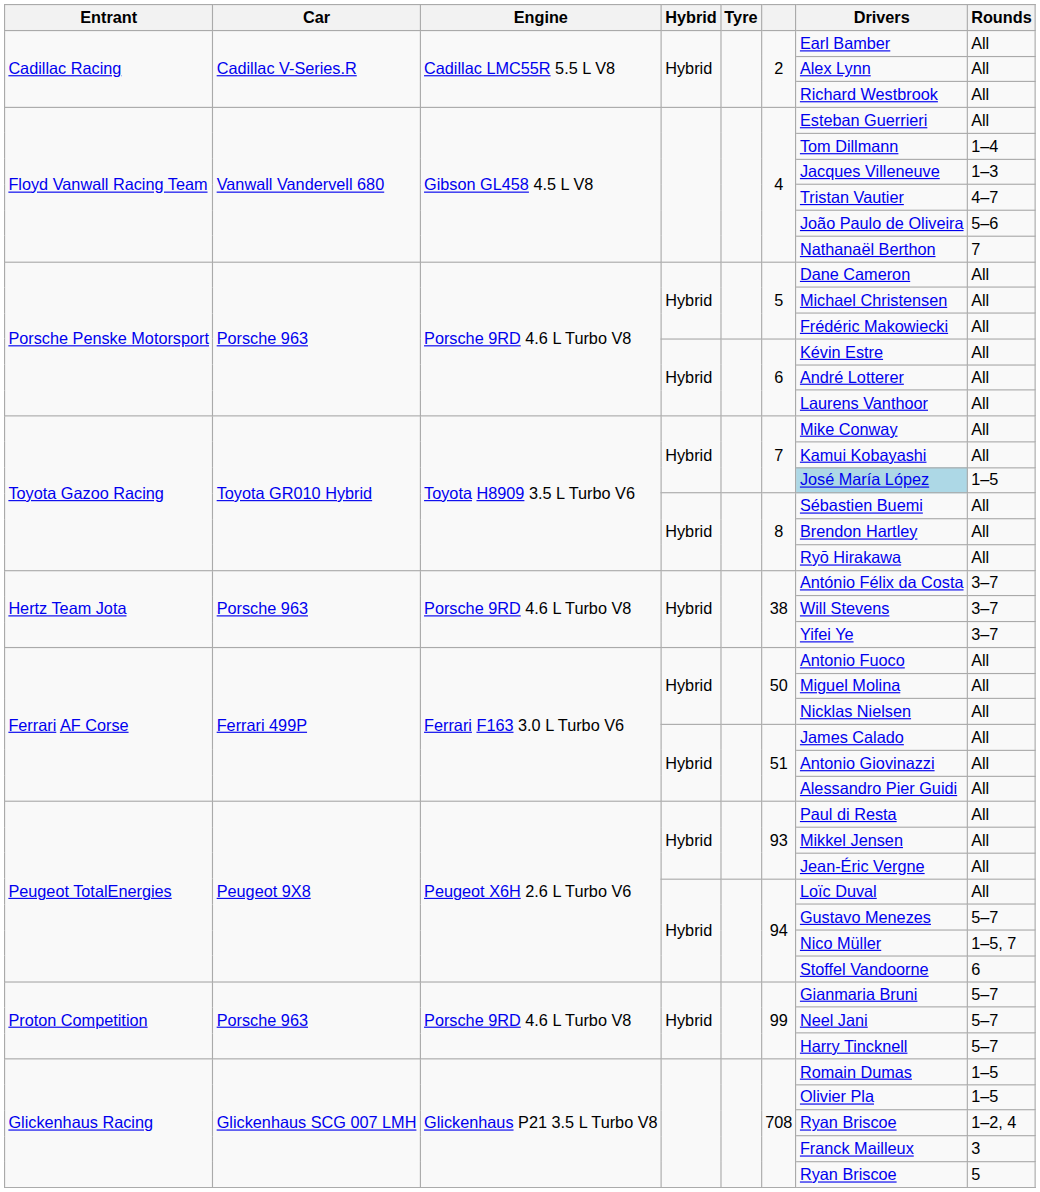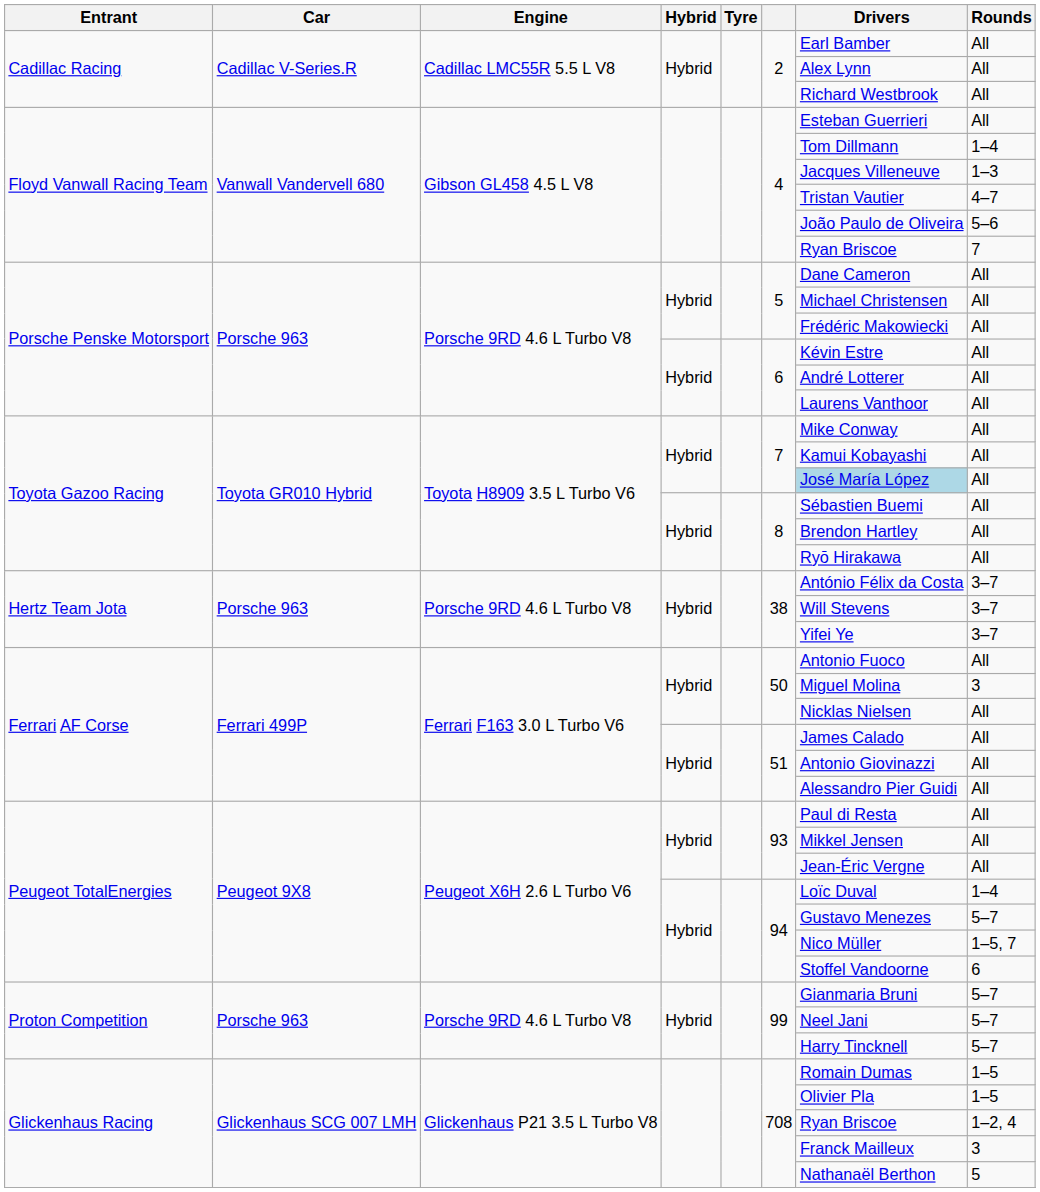 <table class="wikitable" style="font-size: 90%">
 <tr>
 <th>Entrant</th>
 <th>Car</th>
 <th>Engine</th>
 <th>Hybrid</th>
 <th>Tyre</th>
 <th></th>
 <th>Drivers</th>
 <th>Rounds</th>
 </tr>
 <tr>
 <td rowspan="3"> <a href='#'>Cadillac Racing</a></td>
 <td rowspan="3"><a href='#'>Cadillac V-Series.R</a></td>
 <td rowspan="3"><a href='#'>Cadillac LMC55R</a> 5.5 L V8</td>
 <td rowspan="3">Hybrid</td>
 <td rowspan="3" align="center"></td>
 <td rowspan="3" align="center">2</td>
 <td> <a href='#'>Earl Bamber</a></td>
 <td>All</td>
 </tr>
 <tr>
 <td> <a href='#'>Alex Lynn</a></td>
 <td>All</td>
 </tr>
 <tr>
 <td> <a href='#'>Richard Westbrook</a></td>
 <td>All</td>
 </tr>
 <tr>
 <td rowspan="6"> <a href='#'>Floyd Vanwall Racing Team</a></td>
 <td rowspan="6"><a href='#'>Vanwall Vandervell 680</a></td>
 <td rowspan="6"><a href='#'>Gibson GL458</a> 4.5 L V8</td>
 <td rowspan="6"></td>
 <td rowspan="6" align="center"></td>
 <td rowspan="6" align="center">4</td>
 <td> <a href='#'>Esteban Guerrieri</a></td>
 <td>All</td>
 </tr>
 <tr>
 <td> <a href='#'>Tom Dillmann</a></td>
 <td>1–4</td>
 </tr>
 <tr>
 <td> <a href='#'>Jacques Villeneuve</a></td>
 <td>1–3</td>
 </tr>
 <tr>
 <td> <a href='#'>Tristan Vautier</a></td>
 <td>4–7</td>
 </tr>
 <tr>
 <td> <a href='#'>João Paulo de Oliveira</a></td>
 <td>5–6</td>
 </tr>
 <tr>
-<td> <a href='#'>Nathanaël Berthon</a></td>
+<td> <a href='#'>Ryan Briscoe</a></td>
 <td>7</td>
 </tr>
 <tr>
 <td rowspan="6"> <a href='#'>Porsche Penske Motorsport</a></td>
 <td rowspan="6"><a href='#'>Porsche 963</a></td>
 <td rowspan="6"><a href='#'>Porsche 9RD</a> 4.6 L Turbo V8</td>
 <td rowspan="3">Hybrid</td>
 <td rowspan="3" align="center"></td>
 <td rowspan="3" align="center">5</td>
 <td> <a href='#'>Dane Cameron</a></td>
 <td>All</td>
 </tr>
 <tr>
 <td> <a href='#'>Michael Christensen</a></td>
 <td>All</td>
 </tr>
 <tr>
 <td> <a href='#'>Frédéric Makowiecki</a></td>
 <td>All</td>
 </tr>
 <tr>
 <td rowspan="3">Hybrid</td>
 <td rowspan="3" align="center"></td>
 <td rowspan="3" align="center">6</td>
 <td> <a href='#'>Kévin Estre</a></td>
 <td>All</td>
 </tr>
 <tr>
 <td> <a href='#'>André Lotterer</a></td>
 <td>All</td>
 </tr>
 <tr>
 <td> <a href='#'>Laurens Vanthoor</a></td>
 <td>All</td>
 </tr>
 <tr>
 <td rowspan="6"> <a href='#'>Toyota Gazoo Racing</a></td>
 <td rowspan="6"><a href='#'>Toyota GR010 Hybrid</a></td>
 <td rowspan="6"><a href='#'>Toyota</a> <a href='#'>H8909</a> 3.5 L Turbo V6</td>
 <td rowspan="3">Hybrid</td>
 <td rowspan="3" align="center"></td>
 <td rowspan="3" align="center">7</td>
 <td> <a href='#'>Mike Conway</a></td>
 <td>All</td>
 </tr>
 <tr>
 <td> <a href='#'>Kamui Kobayashi</a></td>
 <td>All</td>
 </tr>
 <tr>
 <td style="background: lightblue;"> <a href='#'>José María López</a></td>
-<td>1–5</td>
+<td>All</td>
 </tr>
 <tr>
 <td rowspan="3">Hybrid</td>
 <td rowspan="3" align="center"></td>
 <td rowspan="3" align="center">8</td>
 <td> <a href='#'>Sébastien Buemi</a></td>
 <td>All</td>
 </tr>
 <tr>
 <td> <a href='#'>Brendon Hartley</a></td>
 <td>All</td>
 </tr>
 <tr>
 <td> <a href='#'>Ryō Hirakawa</a></td>
 <td>All</td>
 </tr>
 <tr>
 <td rowspan="3"> <a href='#'>Hertz Team Jota</a></td>
 <td rowspan="3"><a href='#'>Porsche 963</a></td>
 <td rowspan="3"><a href='#'>Porsche 9RD</a> 4.6 L Turbo V8</td>
 <td rowspan="3">Hybrid</td>
 <td rowspan="3" align="center"></td>
 <td rowspan="3" align="center">38</td>
 <td> <a href='#'>António Félix da Costa</a></td>
 <td>3–7</td>
 </tr>
 <tr>
 <td> <a href='#'>Will Stevens</a></td>
 <td>3–7</td>
 </tr>
 <tr>
 <td> <a href='#'>Yifei Ye</a></td>
 <td>3–7</td>
 </tr>
 <tr>
 <td rowspan="6"> <a href='#'>Ferrari</a> <a href='#'>AF Corse</a></td>
 <td rowspan="6"><a href='#'>Ferrari 499P</a></td>
 <td rowspan="6"><a href='#'>Ferrari</a> <a href='#'>F163</a> 3.0 L Turbo V6</td>
 <td rowspan="3">Hybrid</td>
 <td rowspan="3" align="center"></td>
 <td rowspan="3" align="center">50</td>
 <td> <a href='#'>Antonio Fuoco</a></td>
 <td>All</td>
 </tr>
 <tr>
 <td> <a href='#'>Miguel Molina</a></td>
-<td>All</td>
+<td>3</td>
 </tr>
 <tr>
 <td> <a href='#'>Nicklas Nielsen</a></td>
 <td>All</td>
 </tr>
 <tr>
 <td rowspan="3">Hybrid</td>
 <td rowspan="3" align="center"></td>
 <td rowspan="3" align="center">51</td>
 <td> <a href='#'>James Calado</a></td>
 <td>All</td>
 </tr>
 <tr>
 <td> <a href='#'>Antonio Giovinazzi</a></td>
 <td>All</td>
 </tr>
 <tr>
 <td> <a href='#'>Alessandro Pier Guidi</a></td>
 <td>All</td>
 </tr>
 <tr>
 <td rowspan="7"> <a href='#'>Peugeot TotalEnergies</a></td>
 <td rowspan="7"><a href='#'>Peugeot 9X8</a></td>
 <td rowspan="7"><a href='#'>Peugeot X6H</a> 2.6 L Turbo V6</td>
 <td rowspan="3">Hybrid</td>
 <td rowspan="3" align="center"></td>
 <td rowspan="3" align="center">93</td>
 <td> <a href='#'>Paul di Resta</a></td>
 <td>All</td>
 </tr>
 <tr>
 <td> <a href='#'>Mikkel Jensen</a></td>
 <td>All</td>
 </tr>
 <tr>
 <td> <a href='#'>Jean-Éric Vergne</a></td>
 <td>All</td>
 </tr>
 <tr>
 <td rowspan="4">Hybrid</td>
 <td rowspan="4" align="center"></td>
 <td rowspan="4" align="center">94</td>
 <td> <a href='#'>Loïc Duval</a></td>
-<td>All</td>
+<td>1–4</td>
 </tr>
 <tr>
 <td> <a href='#'>Gustavo Menezes</a></td>
 <td>5–7</td>
 </tr>
 <tr>
 <td> <a href='#'>Nico Müller</a></td>
 <td>1–5, 7</td>
 </tr>
 <tr>
 <td> <a href='#'>Stoffel Vandoorne</a></td>
 <td>6</td>
 </tr>
 <tr>
 <td rowspan="3"> <a href='#'>Proton Competition</a></td>
 <td rowspan="3"><a href='#'>Porsche 963</a></td>
 <td rowspan="3"><a href='#'>Porsche 9RD</a> 4.6 L Turbo V8</td>
 <td rowspan="3">Hybrid</td>
 <td rowspan="3" align="center"></td>
 <td rowspan="3" align="center">99</td>
 <td> <a href='#'>Gianmaria Bruni</a></td>
 <td>5–7</td>
 </tr>
 <tr>
 <td> <a href='#'>Neel Jani</a></td>
 <td>5–7</td>
 </tr>
 <tr>
 <td> <a href='#'>Harry Tincknell</a></td>
 <td>5–7</td>
 </tr>
 <tr>
 <td rowspan="5"> <a href='#'>Glickenhaus Racing</a></td>
 <td rowspan="5"><a href='#'>Glickenhaus SCG 007 LMH</a></td>
 <td rowspan="5"><a href='#'>Glickenhaus</a> P21 3.5 L Turbo V8</td>
 <td rowspan="5"></td>
 <td rowspan="5" align="center"></td>
 <td rowspan="5" align="center">708</td>
 <td> <a href='#'>Romain Dumas</a></td>
 <td>1–5</td>
 </tr>
 <tr>
 <td> <a href='#'>Olivier Pla</a></td>
 <td>1–5</td>
 </tr>
 <tr>
 <td> <a href='#'>Ryan Briscoe</a></td>
 <td>1–2, 4</td>
 </tr>
 <tr>
 <td> <a href='#'>Franck Mailleux</a></td>
 <td>3</td>
 </tr>
 <tr>
-<td> <a href='#'>Ryan Briscoe</a></td>
+<td> <a href='#'>Nathanaël Berthon</a></td>
 <td>5</td>
 </tr>
 <tr>
 </tr>
 </table>
